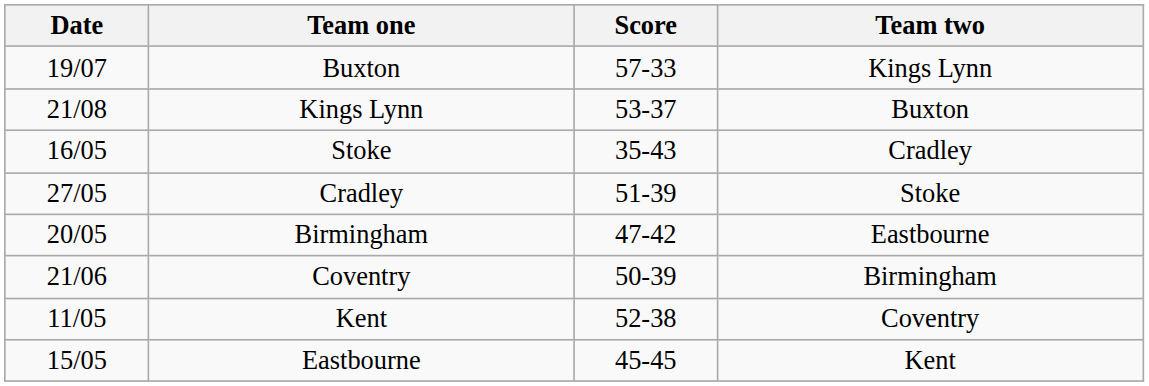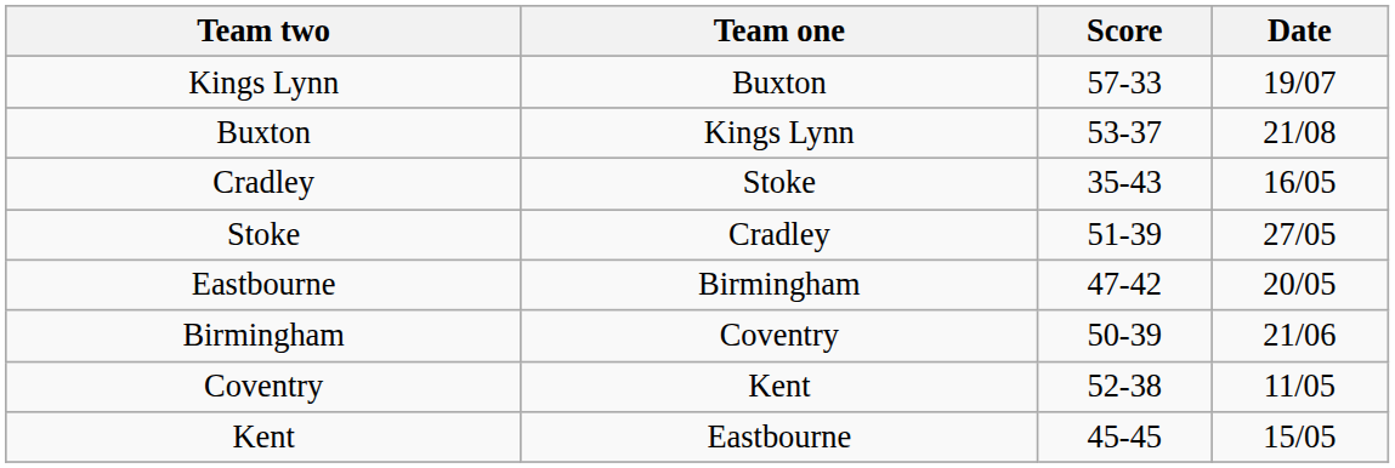 <table class="wikitable" style="text-align: center">
 <tr>
-<th width=80>Date</th>
+<th width=250>Team two</th>
 <th width=250>Team one</th>
 <th width=80>Score</th>
-<th width=250>Team two</th>
+<th width=80>Date</th>
 </tr>
 <tr>
-<td>19/07</td>
+<td>Kings Lynn</td>
 <td>Buxton</td>
 <td>57-33</td>
-<td>Kings Lynn</td>
+<td>19/07</td>
 </tr>
 <tr>
-<td>21/08</td>
+<td>Buxton</td>
 <td>Kings Lynn</td>
 <td>53-37</td>
-<td>Buxton</td>
+<td>21/08</td>
 </tr>
 <tr>
-<td>16/05</td>
+<td>Cradley</td>
 <td>Stoke</td>
 <td>35-43</td>
-<td>Cradley</td>
+<td>16/05</td>
 </tr>
 <tr>
-<td>27/05</td>
+<td>Stoke</td>
 <td>Cradley</td>
 <td>51-39</td>
-<td>Stoke</td>
+<td>27/05</td>
 </tr>
 <tr>
-<td>20/05</td>
+<td>Eastbourne</td>
 <td>Birmingham</td>
 <td>47-42</td>
-<td>Eastbourne</td>
+<td>20/05</td>
 </tr>
 <tr>
-<td>21/06</td>
+<td>Birmingham</td>
 <td>Coventry</td>
 <td>50-39</td>
-<td>Birmingham</td>
+<td>21/06</td>
 </tr>
 <tr>
-<td>11/05</td>
+<td>Coventry</td>
 <td>Kent</td>
 <td>52-38</td>
-<td>Coventry</td>
+<td>11/05</td>
 </tr>
 <tr>
-<td>15/05</td>
+<td>Kent</td>
 <td>Eastbourne</td>
 <td>45-45</td>
-<td>Kent</td>
+<td>15/05</td>
 </tr>
 </table>
